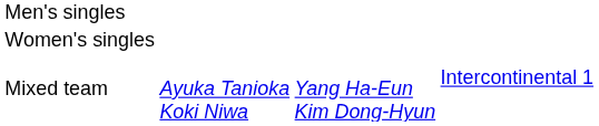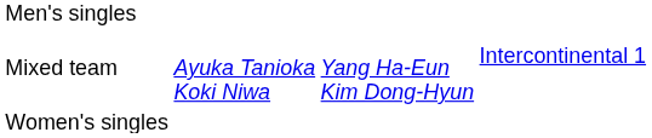 <table>
 <tr>
 <td>Men's singles<br></td>
-<td></td>
-<td></td>
-<td></td>
-</tr>
-<tr>
-<td>Women's singles<br></td>
 <td></td>
 <td></td>
 <td></td>
 </tr>
 <tr>
 <td>Mixed team<br></td>
 <td> <br> <em><a href='#'>Ayuka Tanioka</a></em> <br> <em><a href='#'>Koki Niwa</a></em></td>
 <td> <br> <em><a href='#'>Yang Ha-Eun</a></em> <br> <em><a href='#'>Kim Dong-Hyun</a></em></td>
 <td> <a href='#'>Intercontinental 1</a> <br> <em></em> <br> <em></em></td>
 </tr>
+<tr>
+<td>Women's singles<br></td>
+<td></td>
+<td></td>
+<td></td>
+</tr>
 </table>
